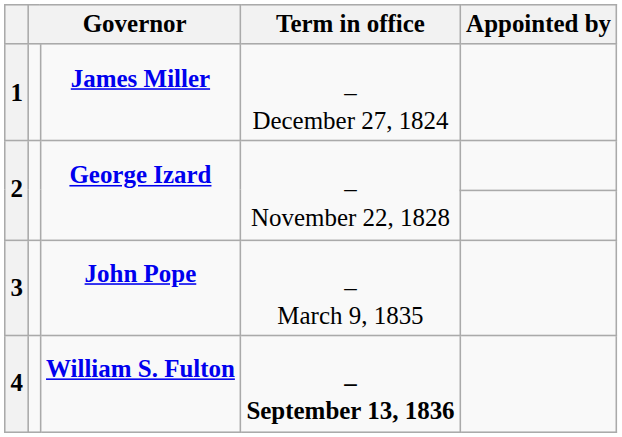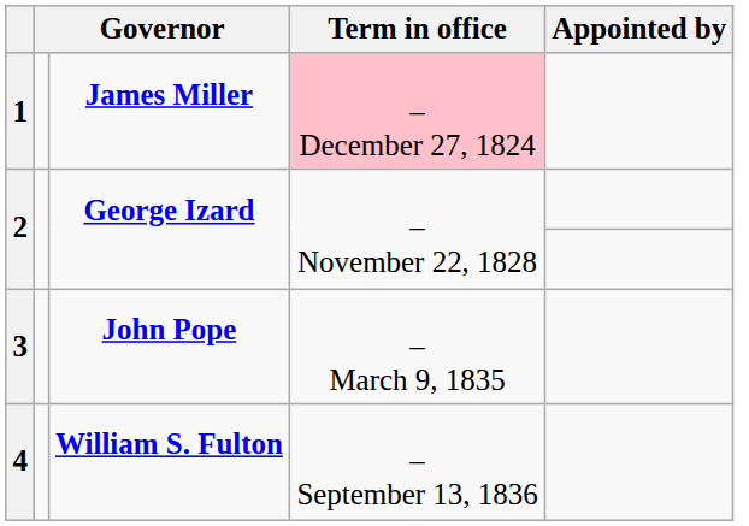 <table class="wikitable sortable mw-collapsible sticky-header-multi" style="text-align:center;">
 <tr>
 <th scope="col" data-sort-type="number"></th>
 <th scope="colgroup" colspan="2">Governor</th>
 <th scope="col">Term in office</th>
 <th scope="col">Appointed by</th>
 </tr>
 <tr style="height:2em;">
 <th scope="row">1</th>
 <td data-sort-value="Miller, James"></td>
 <td><strong><a href='#'>James Miller</a></strong><br><br></td>
-<td><br>–<br>December 27, 1824<br></td>
+<td style="background: pink;"><br>–<br>December 27, 1824<br></td>
 <td></td>
 </tr>
 <tr style="height:2em;">
 <th rowspan="2" scope="rowgroup">2</th>
 <td rowspan="2" data-sort-value="Izard, George"></td>
 <td rowspan="2"><strong><a href='#'>George Izard</a></strong><br><br></td>
 <td rowspan="2"><br>–<br>November 22, 1828<br></td>
 <td></td>
 </tr>
 <tr style="height:2em;">
 <td></td>
 </tr>
 <tr style="height:2em;">
 <th scope="row">3</th>
 <td data-sort-value="Pope, John"></td>
 <td><strong><a href='#'>John Pope</a></strong><br><br></td>
 <td><br>–<br>March 9, 1835<br></td>
 <td></td>
 </tr>
 <tr style="height:2em;">
 <th scope="row">4</th>
 <td data-sort-value="Fulton, William"></td>
 <td><strong><a href='#'>William S. Fulton</a></strong><br><br></td>
-<td><strong><br>–<br>September 13, 1836<br></strong></td>
+<td><br>–<br>September 13, 1836<br></td>
 <td></td>
 </tr>
 </table>
